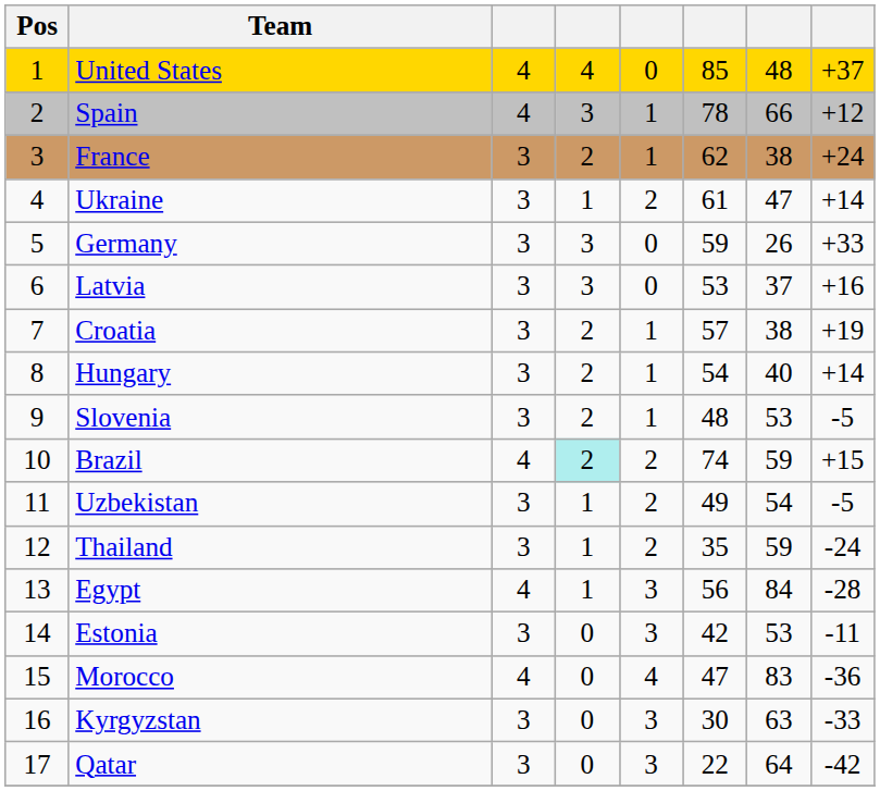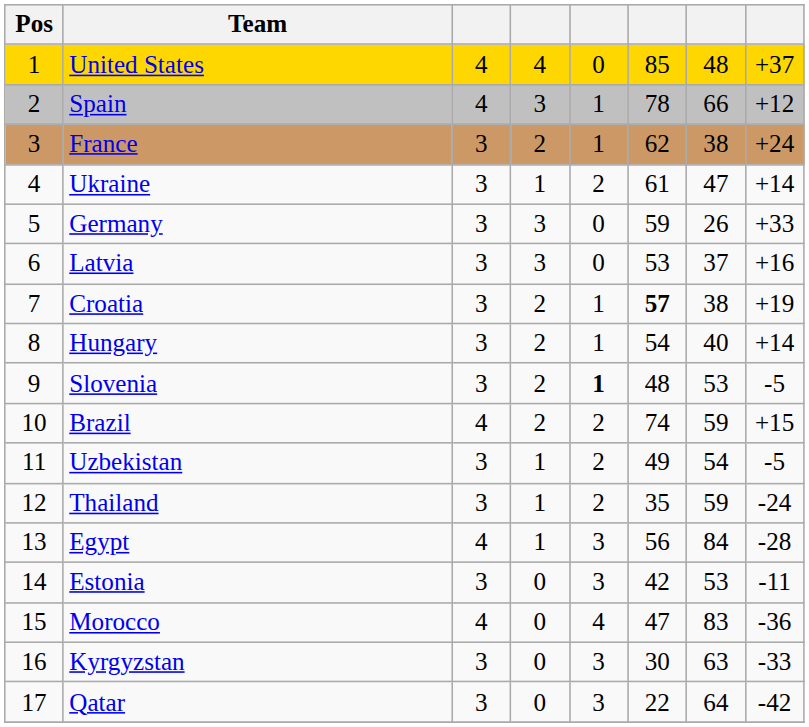 <table class="wikitable" style="text-align:center">
 <tr>
 <th width=30>Pos</th>
 <th ! width=240>Team</th>
 <th ! width=30></th>
 <th ! width=30></th>
 <th ! width=30></th>
 <th ! width=30></th>
 <th ! width=30></th>
 <th ! width=30></th>
 </tr>
 <tr bgcolor=gold>
 <td>1</td>
 <td align=left> <a href='#'>United States</a></td>
 <td>4</td>
 <td>4</td>
 <td>0</td>
 <td>85</td>
 <td>48</td>
 <td>+37</td>
 </tr>
 <tr bgcolor=silver>
 <td>2</td>
 <td align=left> <a href='#'>Spain</a></td>
 <td>4</td>
 <td>3</td>
 <td>1</td>
 <td>78</td>
 <td>66</td>
 <td>+12</td>
 </tr>
 <tr bgcolor=cc9966>
 <td>3</td>
 <td align=left> <a href='#'>France</a></td>
 <td>3</td>
 <td>2</td>
 <td>1</td>
 <td>62</td>
 <td>38</td>
 <td>+24</td>
 </tr>
 <tr>
 <td>4</td>
 <td align=left> <a href='#'>Ukraine</a></td>
 <td>3</td>
 <td>1</td>
 <td>2</td>
 <td>61</td>
 <td>47</td>
 <td>+14</td>
 </tr>
 <tr>
 <td>5</td>
 <td align=left> <a href='#'>Germany</a></td>
 <td>3</td>
 <td>3</td>
 <td>0</td>
 <td>59</td>
 <td>26</td>
 <td>+33</td>
 </tr>
 <tr>
 <td>6</td>
 <td align=left> <a href='#'>Latvia</a></td>
 <td>3</td>
 <td>3</td>
 <td>0</td>
 <td>53</td>
 <td>37</td>
 <td>+16</td>
 </tr>
 <tr>
 <td>7</td>
 <td align=left> <a href='#'>Croatia</a></td>
 <td>3</td>
 <td>2</td>
 <td>1</td>
-<td>57</td>
+<td><strong>57</strong></td>
 <td>38</td>
 <td>+19</td>
 </tr>
 <tr>
 <td>8</td>
 <td align=left> <a href='#'>Hungary</a></td>
 <td>3</td>
 <td>2</td>
 <td>1</td>
 <td>54</td>
 <td>40</td>
 <td>+14</td>
 </tr>
 <tr>
 <td>9</td>
 <td align=left>  <a href='#'>Slovenia</a></td>
 <td>3</td>
 <td>2</td>
-<td>1</td>
+<td><strong>1</strong></td>
 <td>48</td>
 <td>53</td>
 <td>-5</td>
 </tr>
 <tr>
 <td>10</td>
 <td align=left> <a href='#'>Brazil</a></td>
 <td>4</td>
-<td style="background: paleturquoise;">2</td>
+<td>2</td>
 <td>2</td>
 <td>74</td>
 <td>59</td>
 <td>+15</td>
 </tr>
 <tr>
 <td>11</td>
 <td align=left> <a href='#'>Uzbekistan</a></td>
 <td>3</td>
 <td>1</td>
 <td>2</td>
 <td>49</td>
 <td>54</td>
 <td>-5</td>
 </tr>
 <tr>
 <td>12</td>
 <td align=left> <a href='#'>Thailand</a></td>
 <td>3</td>
 <td>1</td>
 <td>2</td>
 <td>35</td>
 <td>59</td>
 <td>-24</td>
 </tr>
 <tr>
 <td>13</td>
 <td align=left> <a href='#'>Egypt</a></td>
 <td>4</td>
 <td>1</td>
 <td>3</td>
 <td>56</td>
 <td>84</td>
 <td>-28</td>
 </tr>
 <tr>
 <td>14</td>
 <td align=left> <a href='#'>Estonia</a></td>
 <td>3</td>
 <td>0</td>
 <td>3</td>
 <td>42</td>
 <td>53</td>
 <td>-11</td>
 </tr>
 <tr>
 <td>15</td>
 <td align=left> <a href='#'>Morocco</a></td>
 <td>4</td>
 <td>0</td>
 <td>4</td>
 <td>47</td>
 <td>83</td>
 <td>-36</td>
 </tr>
 <tr>
 <td>16</td>
 <td align=left> <a href='#'>Kyrgyzstan</a></td>
 <td>3</td>
 <td>0</td>
 <td>3</td>
 <td>30</td>
 <td>63</td>
 <td>-33</td>
 </tr>
 <tr>
 <td>17</td>
 <td align=left> <a href='#'>Qatar</a></td>
 <td>3</td>
 <td>0</td>
 <td>3</td>
 <td>22</td>
 <td>64</td>
 <td>-42</td>
 </tr>
 <tr>
 </tr>
 </table>
